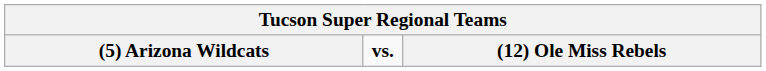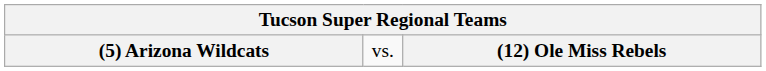 <table class="wikitable">
 <tr>
 <th style="width: 604px;" colspan=3>Tucson Super Regional Teams</th>
 </tr>
 <tr>
 <th style="width: 289px; ">(5) Arizona Wildcats</th>
-<td style="width: 25px; text-align:center"><strong>vs.</strong></td>
+<td style="width: 25px; text-align:center">vs.</td>
 <th style="width: 289px; ">(12) Ole Miss Rebels</th>
 </tr>
 </table>
